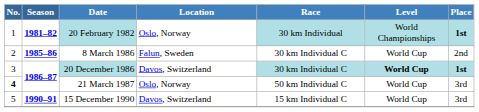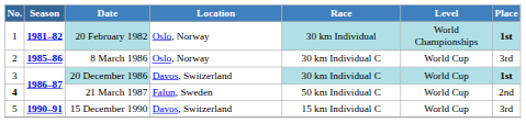 <table class="wikitable sortable" style="font-size:95%; text-align:center; border:grey solid 1px; border-collapse:collapse; background:#ffffff;">
 <tr style="background:#efefef;">
 <th style="background-color:#369; color:white;">No.</th>
 <th style="background-color:#369; color:white;">Season</th>
 <th style="background-color:#4180be; color:white; width:120px;">Date</th>
 <th style="background-color:#4180be; color:white; width:190px;">Location</th>
 <th style="background-color:#4180be; color:white; width:170px;">Race</th>
 <th style="background-color:#4180be; color:white; width:130px;">Level</th>
 <th style="background-color:#4180be; color:white;">Place</th>
 </tr>
 <tr>
 <td align=center>1</td>
 <td rowspan=1 align=center><strong><a href='#'>1981–82</a></strong></td>
 <td bgcolor="#BOEOE6" align=right>20 February 1982</td>
 <td align=left> <a href='#'>Oslo</a>, Norway</td>
 <td bgcolor="#BOEOE6">30 km Individual</td>
 <td bgcolor="#BOEOE6">World Championships</td>
 <td bgcolor="#BOEOE6"><strong>1st</strong></td>
 </tr>
 <tr>
 <td align=center>2</td>
 <td rowspan=1 align=center><strong><a href='#'>1985–86</a></strong></td>
 <td align=right>8 March 1986</td>
-<td align=left> <a href='#'>Falun</a>, Sweden</td>
+<td align=left> <a href='#'>Oslo</a>, Norway</td>
 <td>30 km Individual C</td>
 <td>World Cup</td>
-<td>2nd</td>
+<td>3rd</td>
 </tr>
 <tr>
 <td align=center>3</td>
 <td rowspan=2 align=center><strong><a href='#'>1986–87</a></strong></td>
 <td bgcolor="#BOEOE6" align=right>20 December 1986</td>
 <td align=left> <a href='#'>Davos</a>, Switzerland</td>
 <td bgcolor="#BOEOE6">30 km Individual C</td>
-<td bgcolor="#BOEOE6"><strong>World Cup</strong></td>
+<td bgcolor="#BOEOE6">World Cup</td>
 <td bgcolor="#BOEOE6"><strong>1st</strong></td>
 </tr>
 <tr>
 <td align=center><strong>4</strong></td>
 <td align=right>21 March 1987</td>
-<td align=left> <a href='#'>Oslo</a>, Norway</td>
+<td align=left> <a href='#'>Falun</a>, Sweden</td>
 <td>50 km Individual C</td>
 <td>World Cup</td>
-<td>3rd</td>
+<td>2nd</td>
 </tr>
 <tr>
 <td align=center>5</td>
 <td rowspan=1 align=center><strong><a href='#'>1990–91</a></strong></td>
 <td align=right>15 December 1990</td>
 <td align=left> <a href='#'>Davos</a>, Switzerland</td>
 <td>15 km Individual C</td>
 <td>World Cup</td>
 <td>3rd</td>
 </tr>
 <tr>
 </tr>
 </table>
